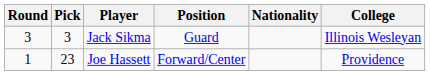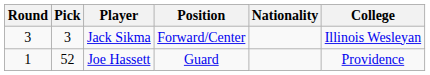 <table class="wikitable sortable sortable">
 <tr>
 <th>Round</th>
 <th>Pick</th>
 <th>Player</th>
 <th>Position</th>
 <th>Nationality</th>
 <th>College</th>
 </tr>
 <tr style="text-align: center">
 <td>3</td>
 <td>3</td>
 <td><a href='#'>Jack Sikma</a></td>
-<td><a href='#'>Guard</a></td>
+<td><a href='#'>Forward/Center</a></td>
 <td></td>
 <td><a href='#'>Illinois Wesleyan</a></td>
 </tr>
 <tr style="text-align: center">
 <td>1</td>
-<td>23</td>
+<td>52</td>
 <td><a href='#'>Joe Hassett</a></td>
-<td><a href='#'>Forward/Center</a></td>
+<td><a href='#'>Guard</a></td>
 <td></td>
 <td><a href='#'>Providence</a></td>
 </tr>
 </table>
